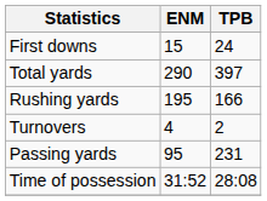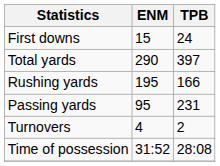 <table class="wikitable" style="float: left;">
 <tr>
 <th>Statistics</th>
 <th>ENM</th>
 <th>TPB</th>
 </tr>
 <tr>
 <td>First downs</td>
 <td>15</td>
 <td>24</td>
 </tr>
 <tr>
 <td>Total yards</td>
 <td>290</td>
 <td>397</td>
 </tr>
 <tr>
 <td>Rushing yards</td>
 <td>195</td>
 <td>166</td>
 </tr>
 <tr>
+<td>Passing yards</td>
+<td>95</td>
+<td>231</td>
+</tr>
+<tr>
 <td>Turnovers</td>
 <td>4</td>
 <td>2</td>
-</tr>
-<tr>
-<td>Passing yards</td>
-<td>95</td>
-<td>231</td>
 </tr>
 <tr>
 <td>Time of possession</td>
 <td>31:52</td>
 <td>28:08</td>
 </tr>
 <tr>
 </tr>
 </table>
